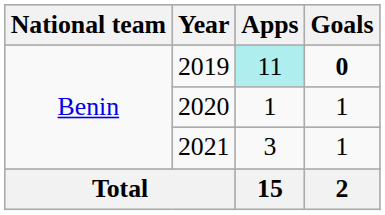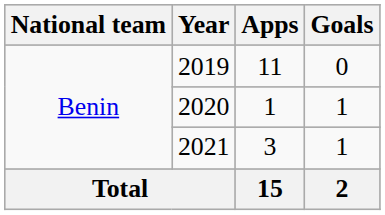 <table class="wikitable" style="text-align:center">
 <tr>
 <th>National team</th>
 <th>Year</th>
 <th>Apps</th>
 <th>Goals</th>
 </tr>
 <tr>
 <td rowspan="3"><a href='#'>Benin</a></td>
 <td>2019</td>
-<td style="background: paleturquoise;">11</td>
-<td><strong>0</strong></td>
+<td>11</td>
+<td>0</td>
 </tr>
 <tr>
 <td>2020</td>
 <td>1</td>
 <td>1</td>
 </tr>
 <tr>
 <td>2021</td>
 <td>3</td>
 <td>1</td>
 </tr>
 <tr>
 <th colspan="2">Total</th>
 <th>15</th>
 <th>2</th>
 </tr>
 </table>
